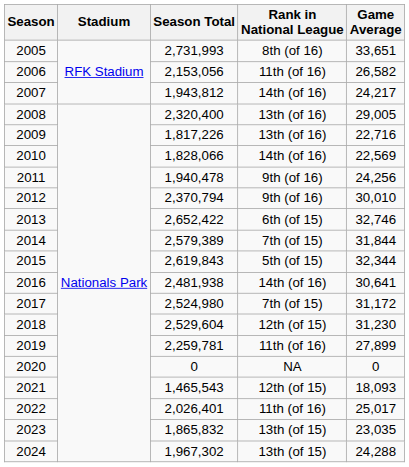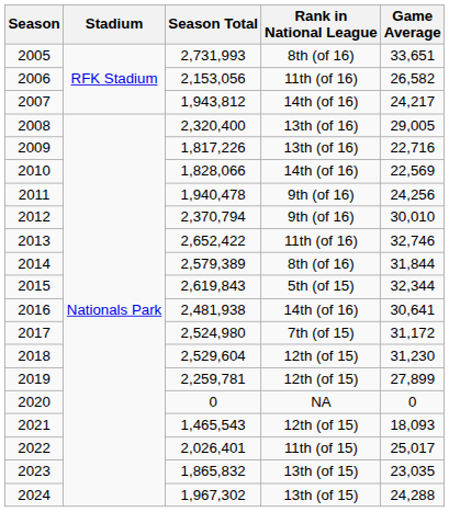 <table class="wikitable" style="text-align:center">
 <tr>
 <th style="text-align:center; ">Season</th>
 <th style="text-align:center; ">Stadium</th>
 <th style="text-align:center; ">Season Total</th>
 <th style="text-align:center; ">Rank in<br>National League</th>
 <th style="text-align:center; ">Game<br>Average</th>
 </tr>
 <tr>
 <td>2005</td>
 <td rowspan=3><a href='#'>RFK Stadium</a></td>
 <td>2,731,993</td>
 <td>8th (of 16)</td>
 <td>33,651</td>
 </tr>
 <tr>
 <td>2006</td>
 <td>2,153,056</td>
 <td>11th (of 16)</td>
 <td>26,582</td>
 </tr>
 <tr>
 <td>2007</td>
 <td>1,943,812</td>
 <td>14th (of 16)</td>
 <td>24,217</td>
 </tr>
 <tr>
 <td>2008</td>
 <td rowspan=17><a href='#'>Nationals Park</a></td>
 <td>2,320,400</td>
 <td>13th (of 16)</td>
 <td>29,005</td>
 </tr>
 <tr>
 <td>2009</td>
 <td>1,817,226</td>
 <td>13th (of 16)</td>
 <td>22,716</td>
 </tr>
 <tr>
 <td>2010</td>
 <td>1,828,066</td>
 <td>14th (of 16)</td>
 <td>22,569</td>
 </tr>
 <tr>
 <td>2011</td>
 <td>1,940,478</td>
 <td>9th (of 16)</td>
 <td>24,256</td>
 </tr>
 <tr>
 <td>2012</td>
 <td>2,370,794</td>
 <td>9th (of 16)</td>
 <td>30,010</td>
 </tr>
 <tr>
 <td>2013</td>
 <td>2,652,422</td>
-<td>6th (of 15)</td>
+<td>11th (of 16)</td>
 <td>32,746</td>
 </tr>
 <tr>
 <td>2014</td>
 <td>2,579,389</td>
-<td>7th (of 15)</td>
+<td>8th (of 16)</td>
 <td>31,844</td>
 </tr>
 <tr>
 <td>2015</td>
 <td>2,619,843</td>
 <td>5th (of 15)</td>
 <td>32,344</td>
 </tr>
 <tr>
 <td>2016</td>
 <td>2,481,938</td>
 <td>14th (of 16)</td>
 <td>30,641</td>
 </tr>
 <tr>
 <td>2017</td>
 <td>2,524,980</td>
 <td>7th (of 15)</td>
 <td>31,172</td>
 </tr>
 <tr>
 <td>2018</td>
 <td>2,529,604</td>
 <td>12th (of 15)</td>
 <td>31,230</td>
 </tr>
 <tr>
 <td>2019</td>
 <td>2,259,781</td>
-<td>11th (of 16)</td>
+<td>12th (of 15)</td>
 <td>27,899</td>
 </tr>
 <tr>
 <td>2020</td>
 <td>0</td>
 <td>NA</td>
 <td>0</td>
 </tr>
 <tr>
 <td>2021</td>
 <td>1,465,543</td>
 <td>12th (of 15)</td>
 <td>18,093</td>
 </tr>
 <tr>
 <td>2022</td>
 <td>2,026,401</td>
-<td>11th (of 16)</td>
+<td>11th (of 15)</td>
 <td>25,017</td>
 </tr>
 <tr>
 <td>2023</td>
 <td>1,865,832</td>
 <td>13th (of 15)</td>
 <td>23,035</td>
 </tr>
 <tr>
 <td>2024</td>
 <td>1,967,302</td>
 <td>13th (of 15)</td>
 <td>24,288</td>
 </tr>
 </table>
